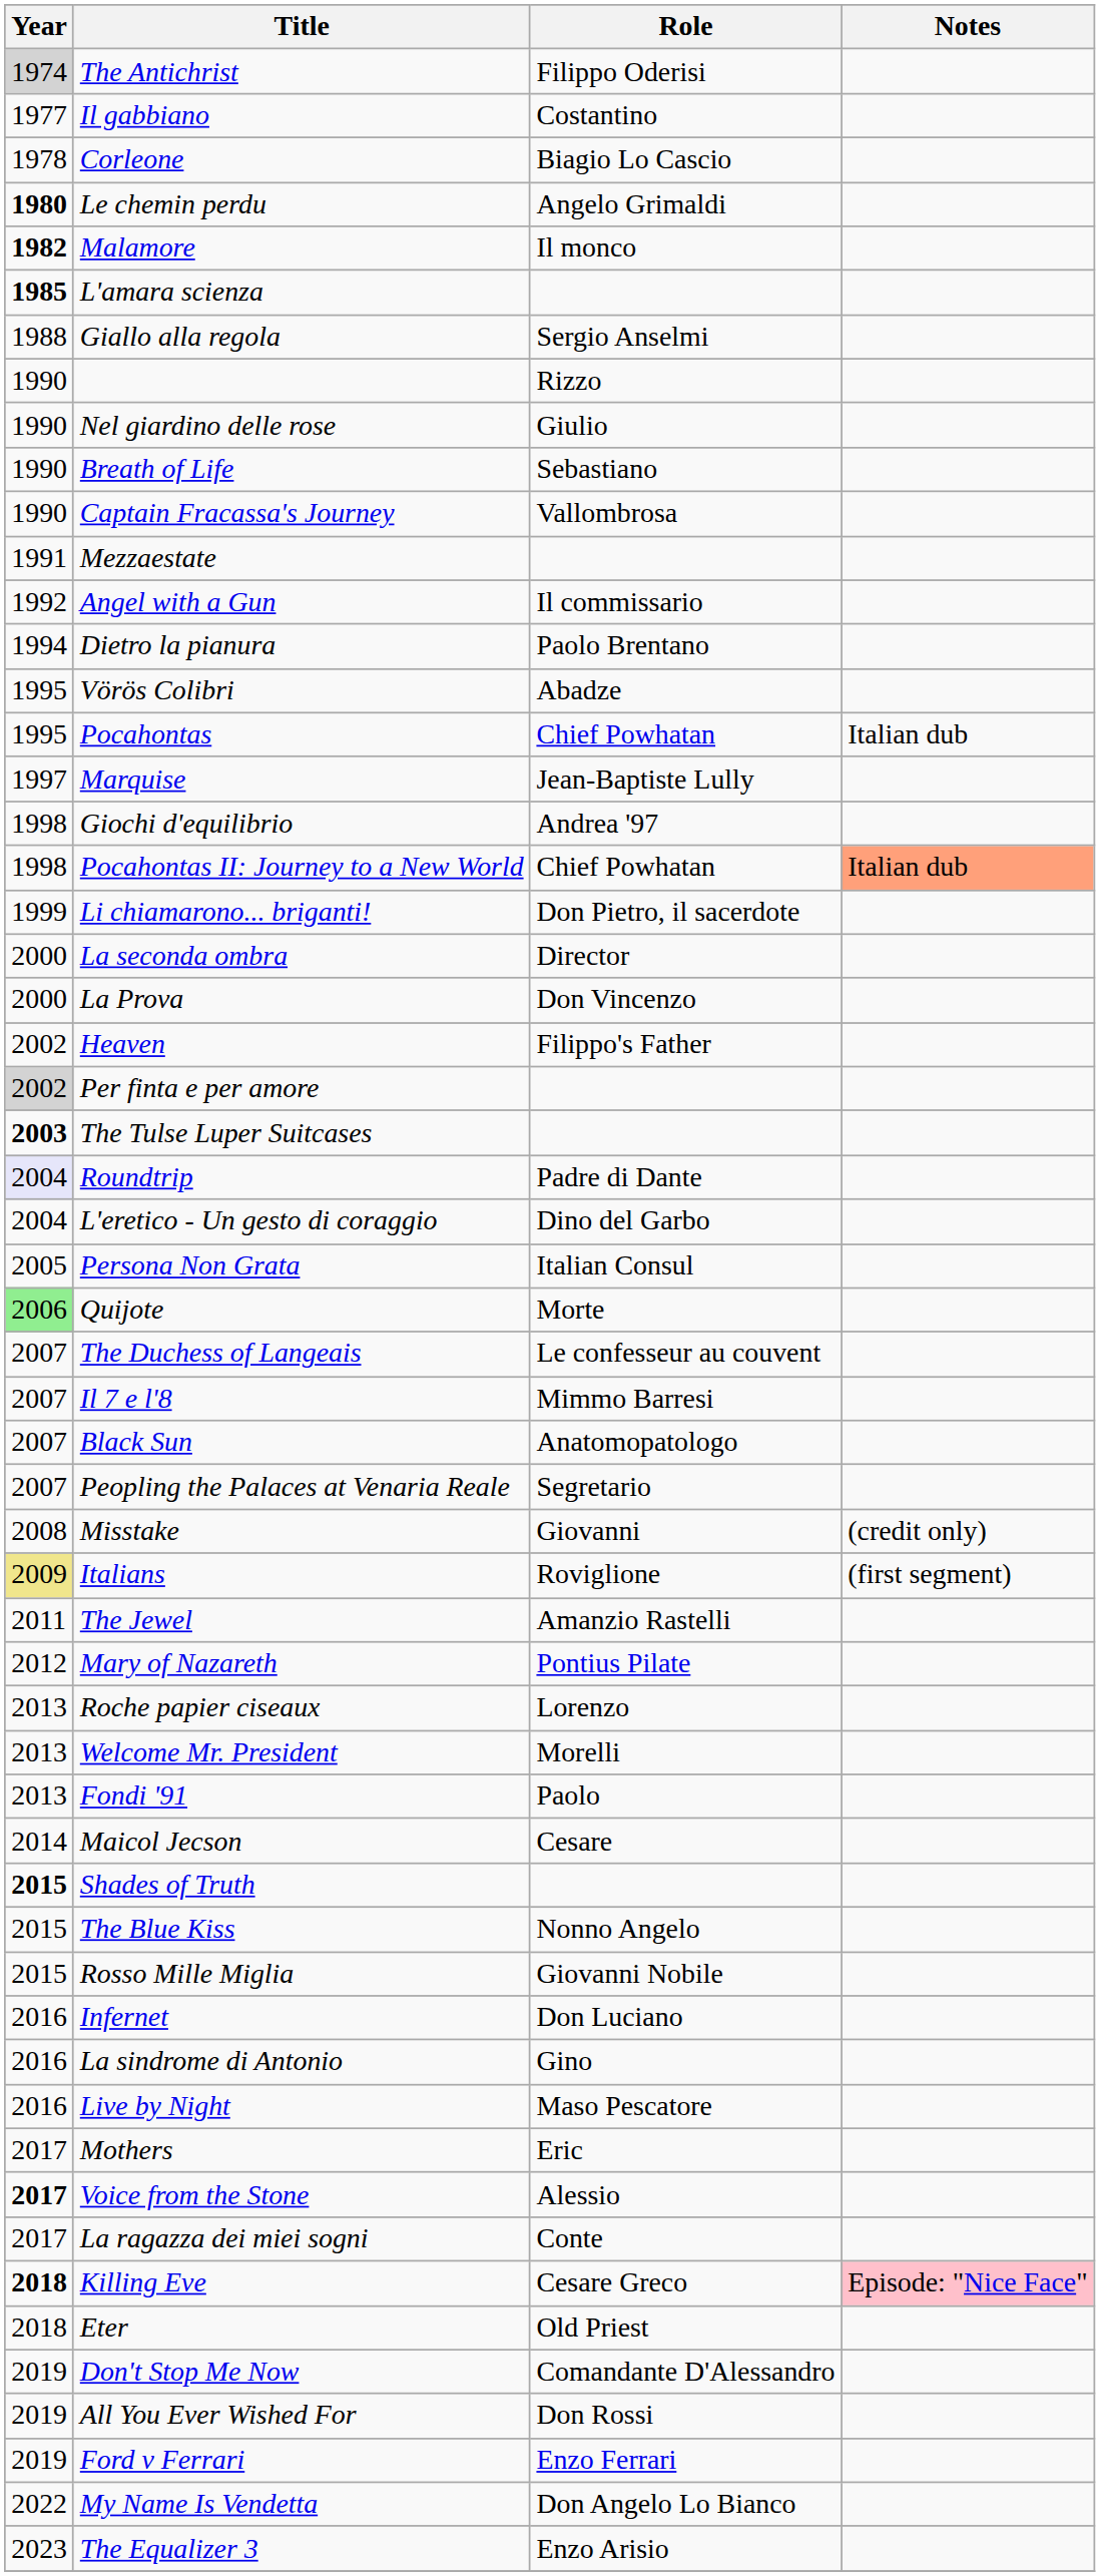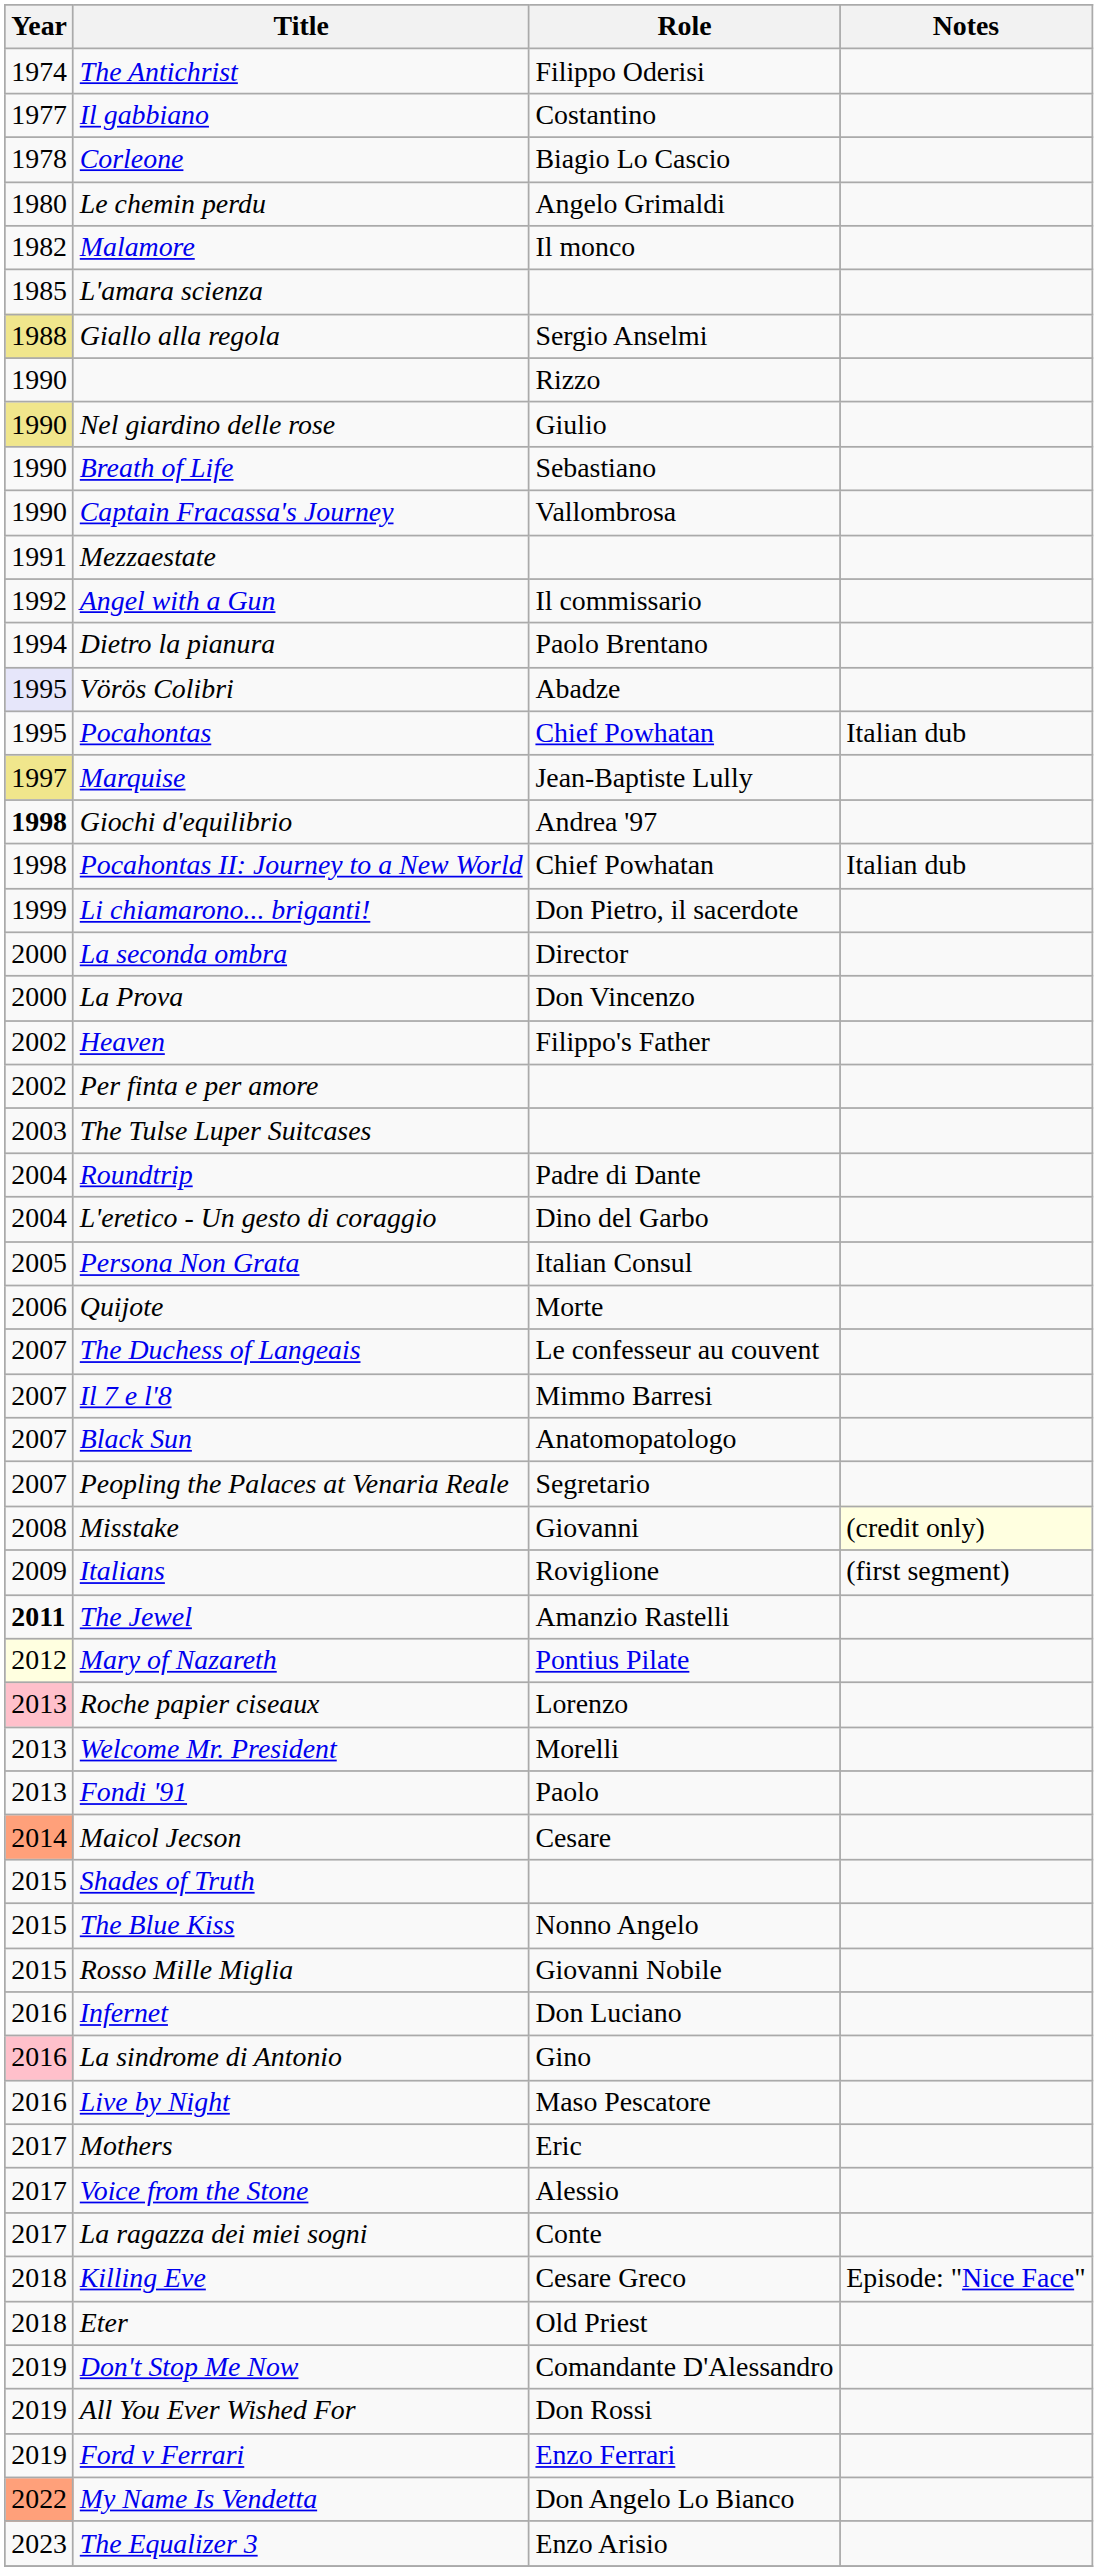 <table class="wikitable sortable">
 <tr>
 <th>Year</th>
 <th>Title</th>
 <th>Role</th>
 <th>Notes</th>
 </tr>
 <tr>
-<td style="background: lightgrey;">1974</td>
+<td>1974</td>
 <td><em><a href='#'>The Antichrist</a></em></td>
 <td>Filippo Oderisi</td>
 <td></td>
 </tr>
 <tr>
 <td>1977</td>
 <td><em><a href='#'>Il gabbiano</a></em></td>
 <td>Costantino</td>
 <td></td>
 </tr>
 <tr>
 <td>1978</td>
 <td><em><a href='#'>Corleone</a></em></td>
 <td>Biagio Lo Cascio</td>
 <td></td>
 </tr>
 <tr>
-<td><strong>1980</strong></td>
+<td>1980</td>
 <td><em>Le chemin perdu</em></td>
 <td>Angelo Grimaldi</td>
 <td></td>
 </tr>
 <tr>
-<td><strong>1982</strong></td>
+<td>1982</td>
 <td><em><a href='#'>Malamore</a></em></td>
 <td>Il monco</td>
 <td></td>
 </tr>
 <tr>
-<td><strong>1985</strong></td>
+<td>1985</td>
 <td><em>L'amara scienza</em></td>
 <td></td>
 <td></td>
 </tr>
 <tr>
-<td>1988</td>
+<td style="background: khaki;">1988</td>
 <td><em>Giallo alla regola</em></td>
 <td>Sergio Anselmi</td>
 <td></td>
 </tr>
 <tr>
 <td>1990</td>
 <td><em></em></td>
 <td>Rizzo</td>
 <td></td>
 </tr>
 <tr>
-<td>1990</td>
+<td style="background: khaki;">1990</td>
 <td><em>Nel giardino delle rose</em></td>
 <td>Giulio</td>
 <td></td>
 </tr>
 <tr>
 <td>1990</td>
 <td><em><a href='#'>Breath of Life</a></em></td>
 <td>Sebastiano</td>
 <td></td>
 </tr>
 <tr>
 <td>1990</td>
 <td><em><a href='#'>Captain Fracassa's Journey</a></em></td>
 <td>Vallombrosa</td>
 <td></td>
 </tr>
 <tr>
 <td>1991</td>
 <td><em>Mezzaestate</em></td>
 <td></td>
 <td></td>
 </tr>
 <tr>
 <td>1992</td>
 <td><em><a href='#'>Angel with a Gun</a></em></td>
 <td>Il commissario</td>
 <td></td>
 </tr>
 <tr>
 <td>1994</td>
 <td><em>Dietro la pianura</em></td>
 <td>Paolo Brentano</td>
 <td></td>
 </tr>
 <tr>
-<td>1995</td>
+<td style="background: lavender;">1995</td>
 <td><em>Vörös Colibri</em></td>
 <td>Abadze</td>
 <td></td>
 </tr>
 <tr>
 <td>1995</td>
 <td><em><a href='#'>Pocahontas</a></em></td>
 <td><a href='#'>Chief Powhatan</a></td>
 <td>Italian dub</td>
 </tr>
 <tr>
-<td>1997</td>
+<td style="background: khaki;">1997</td>
 <td><em><a href='#'>Marquise</a></em></td>
 <td>Jean-Baptiste Lully</td>
 <td></td>
 </tr>
 <tr>
-<td>1998</td>
+<td><strong>1998</strong></td>
 <td><em>Giochi d'equilibrio</em></td>
 <td>Andrea '97</td>
 <td></td>
 </tr>
 <tr>
 <td>1998</td>
 <td><em><a href='#'>Pocahontas II: Journey to a New World</a></em></td>
 <td>Chief Powhatan</td>
-<td style="background: lightsalmon;">Italian dub</td>
+<td>Italian dub</td>
 </tr>
 <tr>
 <td>1999</td>
 <td><em><a href='#'>Li chiamarono... briganti!</a></em></td>
 <td>Don Pietro, il sacerdote</td>
 <td></td>
 </tr>
 <tr>
 <td>2000</td>
 <td><em><a href='#'>La seconda ombra</a></em></td>
 <td>Director</td>
 <td></td>
 </tr>
 <tr>
 <td>2000</td>
 <td><em>La Prova</em></td>
 <td>Don Vincenzo</td>
 <td></td>
 </tr>
 <tr>
 <td>2002</td>
 <td><em><a href='#'>Heaven</a></em></td>
 <td>Filippo's Father</td>
 <td></td>
 </tr>
 <tr>
-<td style="background: lightgrey;">2002</td>
+<td>2002</td>
 <td><em>Per finta e per amore</em></td>
 <td></td>
 <td></td>
 </tr>
 <tr>
-<td><strong>2003</strong></td>
+<td>2003</td>
 <td><em>The Tulse Luper Suitcases</em></td>
 <td></td>
 <td></td>
 </tr>
 <tr>
-<td style="background: lavender;">2004</td>
+<td>2004</td>
 <td><em><a href='#'>Roundtrip</a></em></td>
 <td>Padre di Dante</td>
 <td></td>
 </tr>
 <tr>
 <td>2004</td>
 <td><em>L'eretico - Un gesto di coraggio</em></td>
 <td>Dino del Garbo</td>
 <td></td>
 </tr>
 <tr>
 <td>2005</td>
 <td><em><a href='#'>Persona Non Grata</a></em></td>
 <td>Italian Consul</td>
 <td></td>
 </tr>
 <tr>
-<td style="background: lightgreen;">2006</td>
+<td>2006</td>
 <td><em>Quijote</em></td>
 <td>Morte</td>
 <td></td>
 </tr>
 <tr>
 <td>2007</td>
 <td><em><a href='#'>The Duchess of Langeais</a></em></td>
 <td>Le confesseur au couvent</td>
 <td></td>
 </tr>
 <tr>
 <td>2007</td>
 <td><em><a href='#'>Il 7 e l'8</a></em></td>
 <td>Mimmo Barresi</td>
 <td></td>
 </tr>
 <tr>
 <td>2007</td>
 <td><em><a href='#'>Black Sun</a></em></td>
 <td>Anatomopatologo</td>
 <td></td>
 </tr>
 <tr>
 <td>2007</td>
 <td><em>Peopling the Palaces at Venaria Reale</em></td>
 <td>Segretario</td>
 <td></td>
 </tr>
 <tr>
 <td>2008</td>
 <td><em>Misstake</em></td>
 <td>Giovanni</td>
-<td>(credit only)</td>
+<td style="background: lightyellow;">(credit only)</td>
 </tr>
 <tr>
-<td style="background: khaki;">2009</td>
+<td>2009</td>
 <td><em><a href='#'>Italians</a></em></td>
 <td>Roviglione</td>
 <td>(first segment)</td>
 </tr>
 <tr>
-<td>2011</td>
+<td><strong>2011</strong></td>
 <td><em><a href='#'>The Jewel</a></em></td>
 <td>Amanzio Rastelli</td>
 <td></td>
 </tr>
 <tr>
-<td>2012</td>
+<td style="background: lightyellow;">2012</td>
 <td><em><a href='#'>Mary of Nazareth</a></em></td>
 <td><a href='#'>Pontius Pilate</a></td>
 <td></td>
 </tr>
 <tr>
-<td>2013</td>
+<td style="background: pink;">2013</td>
 <td><em>Roche papier ciseaux</em></td>
 <td>Lorenzo</td>
 <td></td>
 </tr>
 <tr>
 <td>2013</td>
 <td><em><a href='#'>Welcome Mr. President</a></em></td>
 <td>Morelli</td>
 <td></td>
 </tr>
 <tr>
 <td>2013</td>
 <td><em><a href='#'>Fondi '91</a></em></td>
 <td>Paolo</td>
 <td></td>
 </tr>
 <tr>
-<td>2014</td>
+<td style="background: lightsalmon;">2014</td>
 <td><em>Maicol Jecson</em></td>
 <td>Cesare</td>
 <td></td>
 </tr>
 <tr>
-<td><strong>2015</strong></td>
+<td>2015</td>
 <td><em><a href='#'>Shades of Truth</a></em></td>
 <td></td>
 <td></td>
 </tr>
 <tr>
 <td>2015</td>
 <td><em><a href='#'>The Blue Kiss</a></em></td>
 <td>Nonno Angelo</td>
 <td></td>
 </tr>
 <tr>
 <td>2015</td>
 <td><em>Rosso Mille Miglia</em></td>
 <td>Giovanni Nobile</td>
 <td></td>
 </tr>
 <tr>
 <td>2016</td>
 <td><em><a href='#'>Infernet</a></em></td>
 <td>Don Luciano</td>
 <td></td>
 </tr>
 <tr>
-<td>2016</td>
+<td style="background: pink;">2016</td>
 <td><em>La sindrome di Antonio</em></td>
 <td>Gino</td>
 <td></td>
 </tr>
 <tr>
 <td>2016</td>
 <td><em><a href='#'>Live by Night</a></em></td>
 <td>Maso Pescatore</td>
 <td></td>
 </tr>
 <tr>
 <td>2017</td>
 <td><em>Mothers</em></td>
 <td>Eric</td>
 <td></td>
 </tr>
 <tr>
-<td><strong>2017</strong></td>
+<td>2017</td>
 <td><em><a href='#'>Voice from the Stone</a></em></td>
 <td>Alessio</td>
 <td></td>
 </tr>
 <tr>
 <td>2017</td>
 <td><em>La ragazza dei miei sogni</em></td>
 <td>Conte</td>
 <td></td>
 </tr>
 <tr>
-<td><strong>2018</strong></td>
+<td>2018</td>
 <td><em><a href='#'>Killing Eve</a></em></td>
 <td>Cesare Greco</td>
-<td style="background: pink;">Episode: "<a href='#'>Nice Face</a>"</td>
+<td>Episode: "<a href='#'>Nice Face</a>"</td>
 </tr>
 <tr>
 <td>2018</td>
 <td><em>Eter</em></td>
 <td>Old Priest</td>
 <td></td>
 </tr>
 <tr>
 <td>2019</td>
 <td><em><a href='#'>Don't Stop Me Now</a></em></td>
 <td>Comandante D'Alessandro</td>
 <td></td>
 </tr>
 <tr>
 <td>2019</td>
 <td><em>All You Ever Wished For</em></td>
 <td>Don Rossi</td>
 <td></td>
 </tr>
 <tr>
 <td>2019</td>
 <td><em><a href='#'>Ford v Ferrari</a></em></td>
 <td><a href='#'>Enzo Ferrari</a></td>
 <td></td>
 </tr>
 <tr>
-<td>2022</td>
+<td style="background: lightsalmon;">2022</td>
 <td><em><a href='#'>My Name Is Vendetta</a></em></td>
 <td>Don Angelo Lo Bianco</td>
 <td></td>
 </tr>
 <tr>
 <td>2023</td>
 <td><em><a href='#'>The Equalizer 3</a></em></td>
 <td>Enzo Arisio</td>
 <td></td>
 </tr>
 <tr>
 </tr>
 </table>
